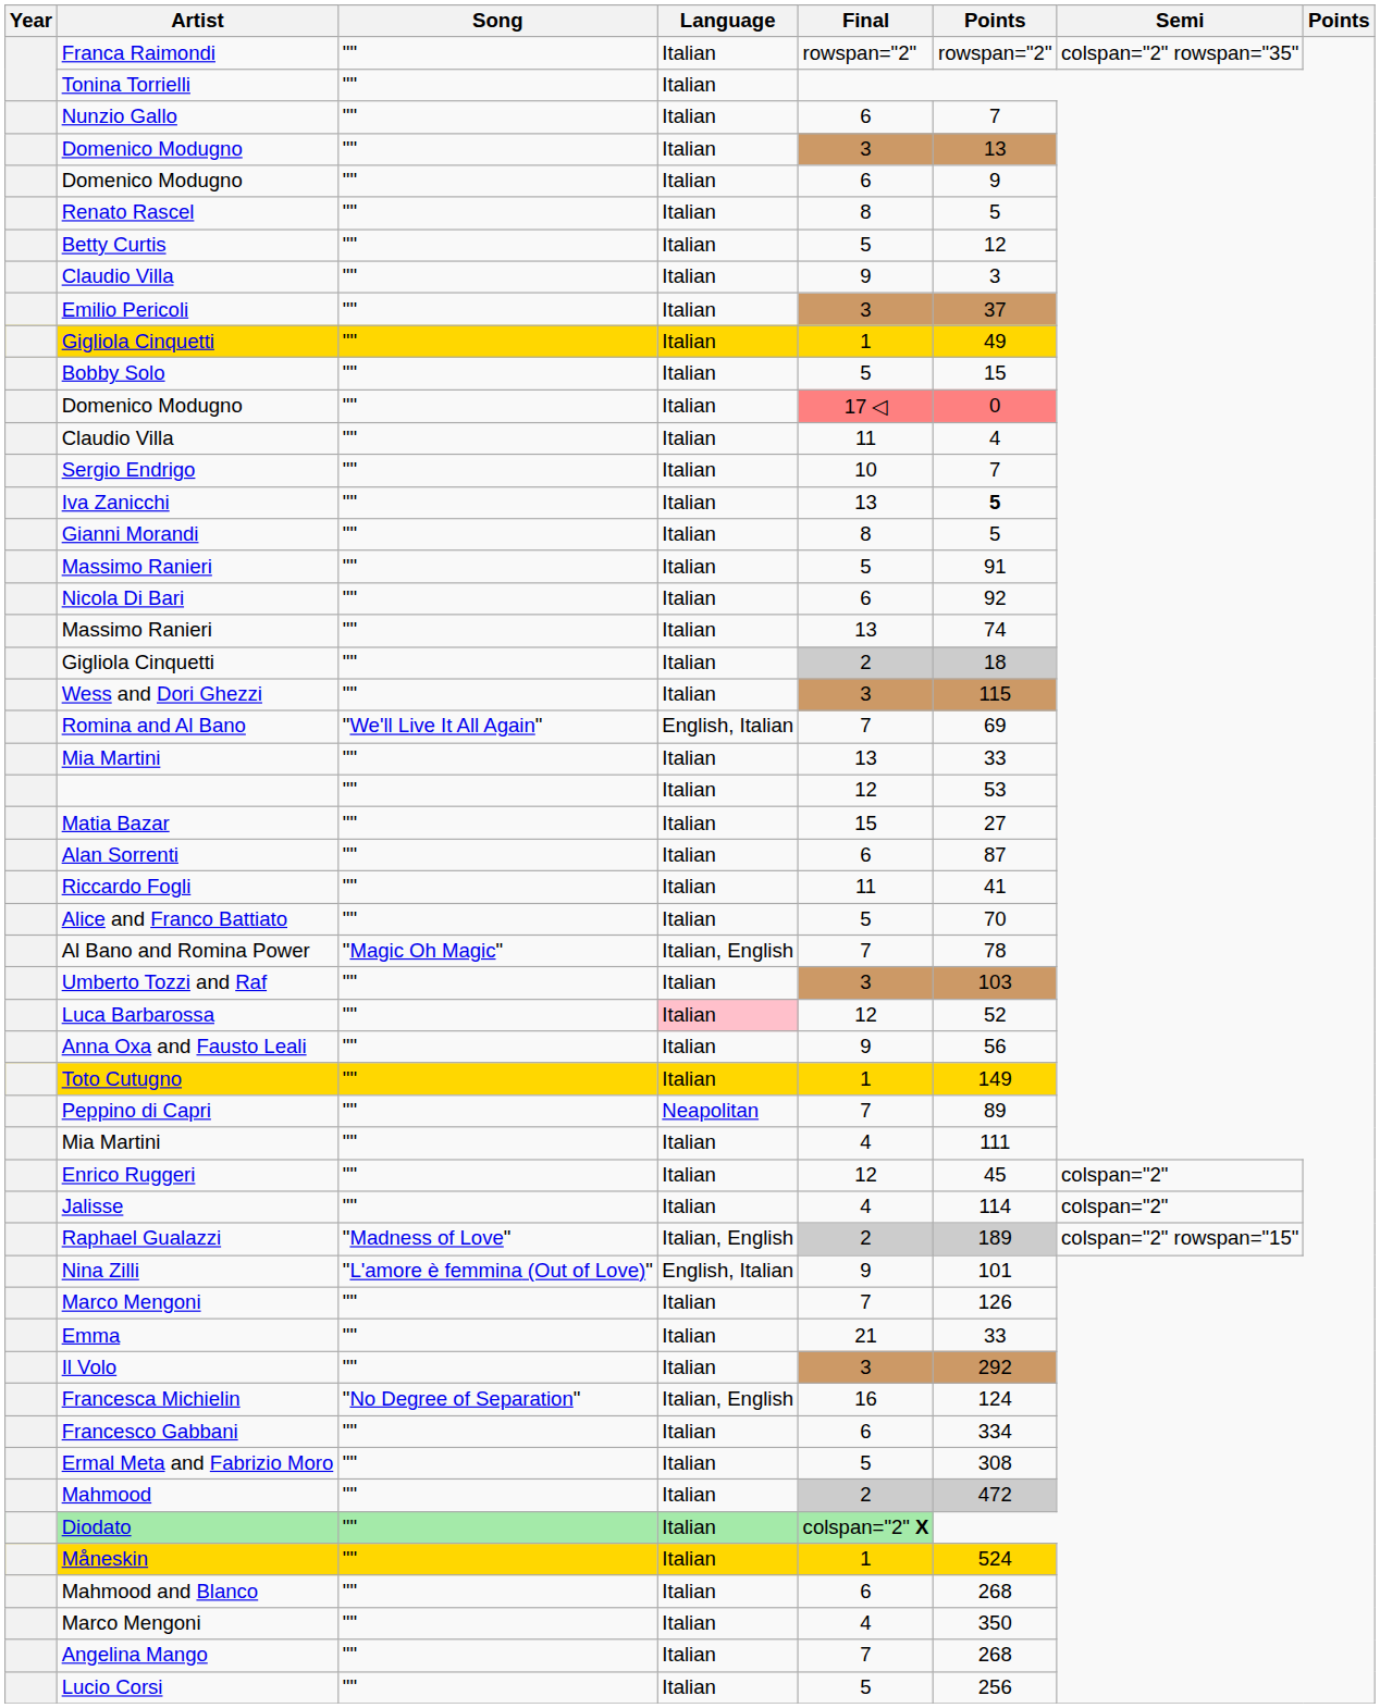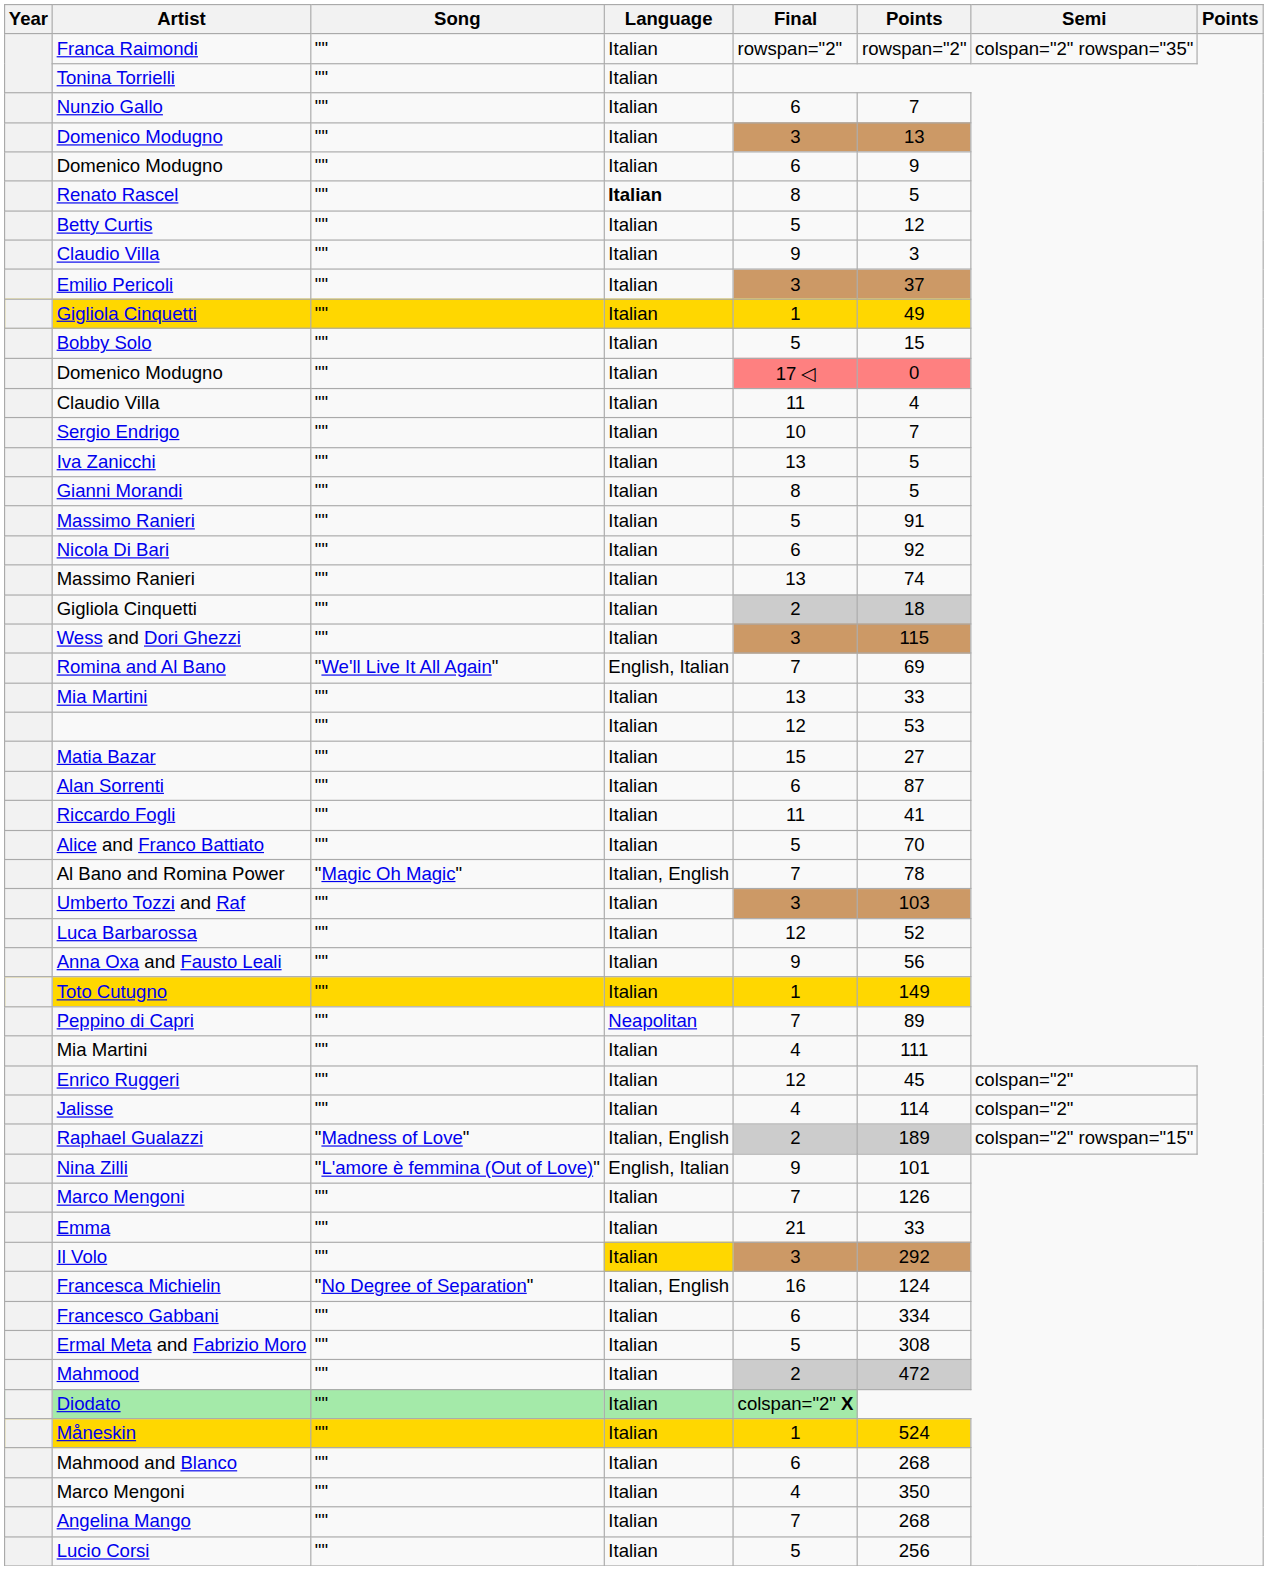 <table class="wikitable sortable plainrowheaders">
 <tr>
 <th scope="col">Year</th>
 <th scope="col">Artist</th>
 <th scope="col">Song</th>
 <th scope="col">Language</th>
 <th scope="col" data-sort-type="number">Final</th>
 <th scope="col" data-sort-type="number">Points</th>
 <th scope="col" class="unsortable">Semi</th>
 <th scope="col" class="unsortable">Points</th>
 </tr>
 <tr>
 <th scope="row" rowspan="2" style="text-align:center;"></th>
 <td><a href='#'>Franca Raimondi</a></td>
 <td>""</td>
 <td>Italian</td>
 <td>rowspan="2" </td>
 <td>rowspan="2" </td>
 <td>colspan="2" rowspan="35" </td>
 </tr>
 <tr>
 <td><a href='#'>Tonina Torrielli</a></td>
 <td>""</td>
 <td>Italian</td>
 </tr>
 <tr>
 <th scope="row" style="text-align:center;"></th>
 <td><a href='#'>Nunzio Gallo</a></td>
 <td>""</td>
 <td>Italian</td>
 <td style="text-align:center;">6</td>
 <td style="text-align:center;">7</td>
 </tr>
 <tr>
 <th scope="row" style="text-align:center;"></th>
 <td><a href='#'>Domenico Modugno</a></td>
 <td>""</td>
 <td>Italian</td>
 <td style="text-align:center; background-color:#C96;">3</td>
 <td style="text-align:center; background-color:#C96;">13</td>
 </tr>
 <tr>
 <th scope="row" style="text-align:center;"></th>
 <td>Domenico Modugno</td>
 <td>""</td>
 <td>Italian</td>
 <td style="text-align:center;">6</td>
 <td style="text-align:center;">9</td>
 </tr>
 <tr>
 <th scope="row" style="text-align:center;"></th>
 <td><a href='#'>Renato Rascel</a></td>
 <td>""</td>
-<td>Italian</td>
+<td><strong>Italian</strong></td>
 <td style="text-align:center;">8</td>
 <td style="text-align:center;">5</td>
 </tr>
 <tr>
 <th scope="row" style="text-align:center;"></th>
 <td><a href='#'>Betty Curtis</a></td>
 <td>""</td>
 <td>Italian</td>
 <td style="text-align:center;">5</td>
 <td style="text-align:center;">12</td>
 </tr>
 <tr>
 <th scope="row" style="text-align:center;"></th>
 <td><a href='#'>Claudio Villa</a></td>
 <td>""</td>
 <td>Italian</td>
 <td style="text-align:center;">9</td>
 <td style="text-align:center;">3</td>
 </tr>
 <tr>
 <th scope="row" style="text-align:center;"></th>
 <td><a href='#'>Emilio Pericoli</a></td>
 <td>""</td>
 <td>Italian</td>
 <td style="text-align:center; background-color:#C96;">3</td>
 <td style="text-align:center; background-color:#C96;">37</td>
 </tr>
 <tr style="background-color:#FFD700;">
 <th scope="row" style="text-align:center;"></th>
 <td><a href='#'>Gigliola Cinquetti</a></td>
 <td>""</td>
 <td>Italian</td>
 <td style="text-align:center;">1</td>
 <td style="text-align:center;">49</td>
 </tr>
 <tr>
 <th scope="row" style="text-align:center;"></th>
 <td><a href='#'>Bobby Solo</a></td>
 <td>""</td>
 <td>Italian</td>
 <td style="text-align:center;">5</td>
 <td style="text-align:center;">15</td>
 </tr>
 <tr>
 <th scope="row" style="text-align:center;"></th>
 <td>Domenico Modugno</td>
 <td>""</td>
 <td>Italian</td>
 <td style="text-align:center; background-color:#FE8080;">17 ◁</td>
 <td style="text-align:center; background-color:#FE8080;">0</td>
 </tr>
 <tr>
 <th scope="row" style="text-align:center;"></th>
 <td>Claudio Villa</td>
 <td>""</td>
 <td>Italian</td>
 <td style="text-align:center;">11</td>
 <td style="text-align:center;">4</td>
 </tr>
 <tr>
 <th scope="row" style="text-align:center;"></th>
 <td><a href='#'>Sergio Endrigo</a></td>
 <td>""</td>
 <td>Italian</td>
 <td style="text-align:center;">10</td>
 <td style="text-align:center;">7</td>
 </tr>
 <tr>
 <th scope="row" style="text-align:center;"></th>
 <td><a href='#'>Iva Zanicchi</a></td>
 <td>""</td>
 <td>Italian</td>
 <td style="text-align:center;">13</td>
-<td style="text-align:center;"><strong>5</strong></td>
+<td style="text-align:center;">5</td>
 </tr>
 <tr>
 <th scope="row" style="text-align:center;"></th>
 <td><a href='#'>Gianni Morandi</a></td>
 <td>""</td>
 <td>Italian</td>
 <td style="text-align:center;">8</td>
 <td style="text-align:center;">5</td>
 </tr>
 <tr>
 <th scope="row" style="text-align:center;"></th>
 <td><a href='#'>Massimo Ranieri</a></td>
 <td>""</td>
 <td>Italian</td>
 <td style="text-align:center;">5</td>
 <td style="text-align:center;">91</td>
 </tr>
 <tr>
 <th scope="row" style="text-align:center;"></th>
 <td><a href='#'>Nicola Di Bari</a></td>
 <td>""</td>
 <td>Italian</td>
 <td style="text-align:center;">6</td>
 <td style="text-align:center;">92</td>
 </tr>
 <tr>
 <th scope="row" style="text-align:center;"></th>
 <td>Massimo Ranieri</td>
 <td>""</td>
 <td>Italian</td>
 <td style="text-align:center;">13</td>
 <td style="text-align:center;">74</td>
 </tr>
 <tr>
 <th scope="row" style="text-align:center;"></th>
 <td>Gigliola Cinquetti</td>
 <td>""</td>
 <td>Italian</td>
 <td style="text-align:center; background-color:#CCC;">2</td>
 <td style="text-align:center; background-color:#CCC;">18</td>
 </tr>
 <tr>
 <th scope="row" style="text-align:center;"></th>
 <td><a href='#'>Wess</a> and <a href='#'>Dori Ghezzi</a></td>
 <td>""</td>
 <td>Italian</td>
 <td style="text-align:center; background-color:#C96;">3</td>
 <td style="text-align:center; background-color:#C96;">115</td>
 </tr>
 <tr>
 <th scope="row" style="text-align:center;"></th>
 <td><a href='#'>Romina and Al Bano</a></td>
 <td>"<a href='#'>We'll Live It All Again</a>"</td>
 <td>English, Italian</td>
 <td style="text-align:center;">7</td>
 <td style="text-align:center;">69</td>
 </tr>
 <tr>
 <th scope="row" style="text-align:center;"></th>
 <td><a href='#'>Mia Martini</a></td>
 <td>""</td>
 <td>Italian</td>
 <td style="text-align:center;">13</td>
 <td style="text-align:center;">33</td>
 </tr>
 <tr>
 <th scope="row" style="text-align:center;"></th>
 <td></td>
 <td>""</td>
 <td>Italian</td>
 <td style="text-align:center;">12</td>
 <td style="text-align:center;">53</td>
 </tr>
 <tr>
 <th scope="row" style="text-align:center;"></th>
 <td><a href='#'>Matia Bazar</a></td>
 <td>""</td>
 <td>Italian</td>
 <td style="text-align:center;">15</td>
 <td style="text-align:center;">27</td>
 </tr>
 <tr>
 <th scope="row" style="text-align:center;"></th>
 <td><a href='#'>Alan Sorrenti</a></td>
 <td>""</td>
 <td>Italian</td>
 <td style="text-align:center;">6</td>
 <td style="text-align:center;">87</td>
 </tr>
 <tr>
 <th scope="row" style="text-align:center;"></th>
 <td><a href='#'>Riccardo Fogli</a></td>
 <td>""</td>
 <td>Italian</td>
 <td style="text-align:center;">11</td>
 <td style="text-align:center;">41</td>
 </tr>
 <tr>
 <th scope="row" style="text-align:center;"></th>
 <td><a href='#'>Alice</a> and <a href='#'>Franco Battiato</a></td>
 <td>""</td>
 <td>Italian</td>
 <td style="text-align:center;">5</td>
 <td style="text-align:center;">70</td>
 </tr>
 <tr>
 <th scope="row" style="text-align:center;"></th>
 <td>Al Bano and Romina Power</td>
 <td>"<a href='#'>Magic Oh Magic</a>"</td>
 <td>Italian, English</td>
 <td style="text-align:center;">7</td>
 <td style="text-align:center;">78</td>
 </tr>
 <tr>
 <th scope="row" style="text-align:center;"></th>
 <td><a href='#'>Umberto Tozzi</a> and <a href='#'>Raf</a></td>
 <td>""</td>
 <td>Italian</td>
 <td style="text-align:center; background-color:#C96;">3</td>
 <td style="text-align:center; background-color:#C96;">103</td>
 </tr>
 <tr>
 <th scope="row" style="text-align:center;"></th>
 <td><a href='#'>Luca Barbarossa</a></td>
 <td>""</td>
-<td style="background: pink;">Italian</td>
+<td>Italian</td>
 <td style="text-align:center;">12</td>
 <td style="text-align:center;">52</td>
 </tr>
 <tr>
 <th scope="row" style="text-align:center;"></th>
 <td><a href='#'>Anna Oxa</a> and <a href='#'>Fausto Leali</a></td>
 <td>""</td>
 <td>Italian</td>
 <td style="text-align:center;">9</td>
 <td style="text-align:center;">56</td>
 </tr>
 <tr style="background-color:#FFD700;">
 <th scope="row" style="text-align:center;"></th>
 <td><a href='#'>Toto Cutugno</a></td>
 <td>""</td>
 <td>Italian</td>
 <td style="text-align:center;">1</td>
 <td style="text-align:center;">149</td>
 </tr>
 <tr>
 <th scope="row" style="text-align:center;"></th>
 <td><a href='#'>Peppino di Capri</a></td>
 <td>""</td>
 <td><a href='#'>Neapolitan</a></td>
 <td style="text-align:center;">7</td>
 <td style="text-align:center;">89</td>
 </tr>
 <tr>
 <th scope="row" style="text-align:center;"></th>
 <td>Mia Martini</td>
 <td>""</td>
 <td>Italian</td>
 <td style="text-align:center;">4</td>
 <td style="text-align:center;">111</td>
 </tr>
 <tr>
 <th scope="row" style="text-align:center;"></th>
 <td><a href='#'>Enrico Ruggeri</a></td>
 <td>""</td>
 <td>Italian</td>
 <td style="text-align:center;">12</td>
 <td style="text-align:center;">45</td>
 <td>colspan="2" </td>
 </tr>
 <tr>
 <th scope="row" style="text-align:center;"></th>
 <td><a href='#'>Jalisse</a></td>
 <td>""</td>
 <td>Italian</td>
 <td style="text-align:center;">4</td>
 <td style="text-align:center;">114</td>
 <td>colspan="2" </td>
 </tr>
 <tr>
 <th scope="row" style="text-align:center;"></th>
 <td><a href='#'>Raphael Gualazzi</a></td>
 <td>"<a href='#'>Madness of Love</a>"</td>
 <td>Italian, English</td>
 <td style="text-align:center; background-color:#CCC;">2</td>
 <td style="text-align:center; background-color:#CCC;">189</td>
 <td>colspan="2" rowspan="15" </td>
 </tr>
 <tr>
 <th scope="row" style="text-align:center;"></th>
 <td><a href='#'>Nina Zilli</a></td>
 <td>"<a href='#'><span>L'amore è femmina</span> (Out of Love)</a>"</td>
 <td>English, Italian</td>
 <td style="text-align:center;">9</td>
 <td style="text-align:center;">101</td>
 </tr>
 <tr>
 <th scope="row" style="text-align:center;"></th>
 <td><a href='#'>Marco Mengoni</a></td>
 <td>""</td>
 <td>Italian</td>
 <td style="text-align:center;">7</td>
 <td style="text-align:center;">126</td>
 </tr>
 <tr>
 <th scope="row" style="text-align:center;"></th>
 <td><a href='#'>Emma</a></td>
 <td>""</td>
 <td>Italian</td>
 <td style="text-align:center;">21</td>
 <td style="text-align:center;">33</td>
 </tr>
 <tr>
 <th scope="row" style="text-align:center;"></th>
 <td><a href='#'>Il Volo</a></td>
 <td>""</td>
-<td>Italian</td>
+<td style="background: gold;">Italian</td>
 <td style="text-align:center; background-color:#C96;">3</td>
 <td style="text-align:center; background-color:#C96;">292</td>
 </tr>
 <tr>
 <th scope="row" style="text-align:center;"></th>
 <td><a href='#'>Francesca Michielin</a></td>
 <td>"<a href='#'>No Degree of Separation</a>"</td>
 <td>Italian, English</td>
 <td style="text-align:center;">16</td>
 <td style="text-align:center;">124</td>
 </tr>
 <tr>
 <th scope="row" style="text-align:center;"></th>
 <td><a href='#'>Francesco Gabbani</a></td>
 <td>""</td>
 <td>Italian</td>
 <td style="text-align:center;">6</td>
 <td style="text-align:center;">334</td>
 </tr>
 <tr>
 <th scope="row" style="text-align:center;"></th>
 <td><a href='#'>Ermal Meta</a> and <a href='#'>Fabrizio Moro</a></td>
 <td>""</td>
 <td>Italian</td>
 <td style="text-align:center;">5</td>
 <td style="text-align:center;">308</td>
 </tr>
 <tr>
 <th scope="row" style="text-align:center;"></th>
 <td><a href='#'>Mahmood</a></td>
 <td>""</td>
 <td>Italian</td>
 <td style="text-align:center; background-color:#CCC;">2</td>
 <td style="text-align:center; background-color:#CCC;">472</td>
 </tr>
 <tr style="background-color:#A4EAA9;">
 <th scope="row" style="text-align:center;"></th>
 <td><a href='#'>Diodato</a></td>
 <td>""</td>
 <td>Italian</td>
 <td>colspan="2"  <strong>X</strong></td>
 </tr>
 <tr style="background-color:#FFD700;">
 <th scope="row" style="text-align:center;"></th>
 <td><a href='#'>Måneskin</a></td>
 <td>""</td>
 <td>Italian</td>
 <td style="text-align:center;">1</td>
 <td style="text-align:center;">524</td>
 </tr>
 <tr>
 <th scope="row" style="text-align:center;"></th>
 <td>Mahmood and <a href='#'>Blanco</a></td>
 <td>""</td>
 <td>Italian</td>
 <td style="text-align:center;">6</td>
 <td style="text-align:center;">268</td>
 </tr>
 <tr>
 <th scope="row" style="text-align:center;"></th>
 <td>Marco Mengoni</td>
 <td>""</td>
 <td>Italian</td>
 <td style="text-align:center;">4</td>
 <td style="text-align:center;">350</td>
 </tr>
 <tr>
 <th scope="row" style="text-align:center;"></th>
 <td><a href='#'>Angelina Mango</a></td>
 <td>""</td>
 <td>Italian</td>
 <td style="text-align:center;">7</td>
 <td style="text-align:center;">268</td>
 </tr>
 <tr>
 <th scope="row" style="text-align:center;"></th>
 <td><a href='#'>Lucio Corsi</a></td>
 <td>""</td>
 <td>Italian</td>
 <td style="text-align:center;">5</td>
 <td style="text-align:center;">256</td>
 </tr>
 </table>
